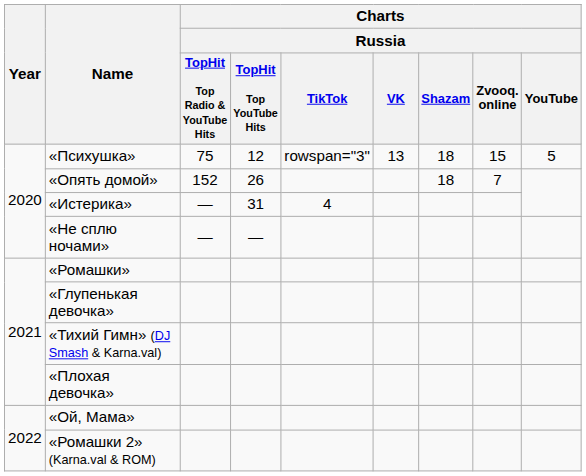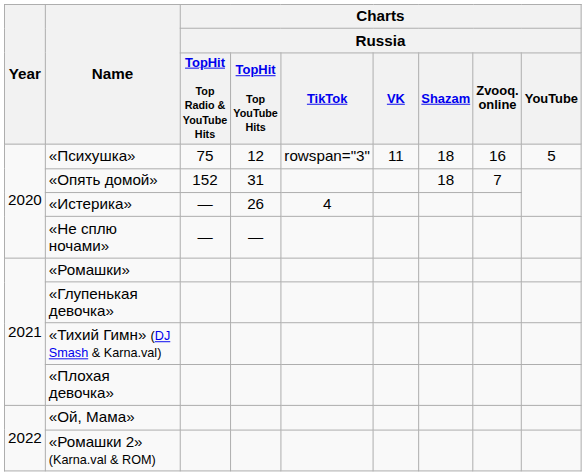 <table class="wikitable">
 <tr>
 <th rowspan="3">Year</th>
 <th rowspan="3">Name</th>
 <th colspan="7">Charts</th>
 </tr>
 <tr>
 <th colspan="7">Russia</th>
 </tr>
 <tr>
 <th style="width:3em;font-size:85%;"><a href='#'>TopHit</a><br><br><small>Top Radio & YouTube Hits</small><br></th>
 <th style="width:3em;font-size:85%;"><a href='#'>TopHit</a><br><br><small>Top YouTube Hits</small><br></th>
 <th style="width:3em;font-size:85%;"><a href='#'>TikTok</a><br></th>
 <th style="width:3em;font-size:85%;"><a href='#'>VK</a><br></th>
 <th style="width:3em;font-size:85%;"><a href='#'>Shazam</a><br></th>
 <th style="width:3em;font-size:85%;">Zvooq.<br>online<br></th>
 <th style="width:3em;font-size:85%;">YouTube<br></th>
 </tr>
 <tr>
 <td rowspan="4">2020</td>
 <td>«Психушка»</td>
 <td align="center">75</td>
 <td align="center">12</td>
 <td>rowspan="3" </td>
-<td align="center">13</td>
+<td align="center">11</td>
 <td align="center">18</td>
-<td align="center">15</td>
+<td align="center">16</td>
 <td align="center">5</td>
 </tr>
 <tr>
 <td>«Опять домой»</td>
 <td align="center">152</td>
-<td align="center">26</td>
+<td align="center">31</td>
 <td></td>
 <td></td>
 <td align="center">18</td>
 <td align="center">7</td>
 </tr>
 <tr>
 <td>«Истерика»</td>
 <td align="center">—</td>
-<td align="center">31</td>
+<td align="center">26</td>
 <td align="center">4</td>
 <td></td>
 <td></td>
 <td></td>
 </tr>
 <tr>
 <td>«Не сплю ночами»</td>
 <td align="center">—</td>
 <td align="center">—</td>
 <td></td>
 <td></td>
 <td></td>
 <td></td>
 <td></td>
 </tr>
 <tr>
 <td rowspan="4">2021</td>
 <td>«Ромашки»</td>
 <td></td>
 <td></td>
 <td></td>
 <td></td>
 <td></td>
 <td></td>
 <td></td>
 </tr>
 <tr>
 <td>«Глупенькая девочка»</td>
 <td></td>
 <td></td>
 <td></td>
 <td></td>
 <td></td>
 <td></td>
 <td></td>
 </tr>
 <tr>
 <td>«Тихий Гимн» <small>(<a href='#'>DJ Smash</a> & Karna.val)</small></td>
 <td></td>
 <td></td>
 <td></td>
 <td></td>
 <td></td>
 <td></td>
 <td></td>
 </tr>
 <tr>
 <td>«Плохая девочка»</td>
 <td></td>
 <td></td>
 <td></td>
 <td></td>
 <td></td>
 <td></td>
 <td></td>
 </tr>
 <tr>
 <td rowspan="2">2022</td>
 <td>«Ой, Мама»</td>
 <td></td>
 <td></td>
 <td></td>
 <td></td>
 <td></td>
 <td></td>
 <td></td>
 </tr>
 <tr>
 <td>«Ромашки 2» <small>(Karna.val & ROM)</small></td>
 <td></td>
 <td></td>
 <td></td>
 <td></td>
 <td></td>
 <td></td>
 <td></td>
 </tr>
 </table>
